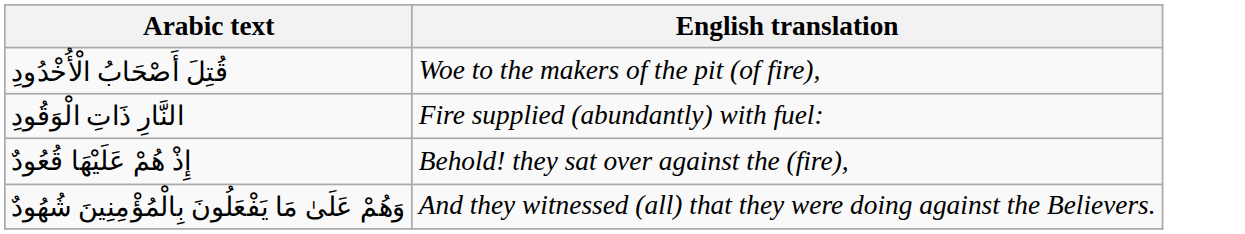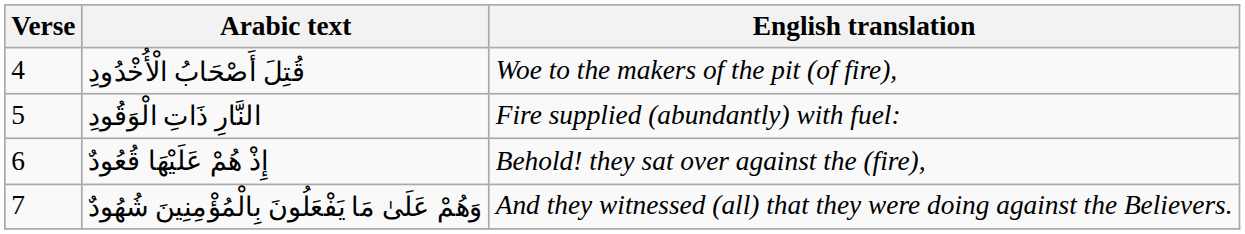 <table class="wikitable">
 <tr>
+<th>Verse</th>
 <th>Arabic text</th>
 <th>English translation</th>
 </tr>
 <tr>
+<td>4</td>
 <td>قُتِلَ أَصْحَابُ الْأُخْدُودِ</td>
 <td><em>Woe to the makers of the pit (of fire),</em></td>
 </tr>
 <tr>
+<td>5</td>
 <td>النَّارِ‌ ذَاتِ الْوَقُودِ</td>
 <td><em>Fire supplied (abundantly) with fuel:</em></td>
 </tr>
 <tr>
+<td>6</td>
 <td>إِذْ هُمْ عَلَيْهَا قُعُودٌ</td>
 <td><em>Behold! they sat over against the (fire),</em></td>
 </tr>
 <tr>
+<td>7</td>
 <td>وَهُمْ عَلَىٰ مَا يَفْعَلُونَ بِالْمُؤْمِنِينَ شُهُودٌ</td>
 <td><em>And they witnessed (all) that they were doing against the Believers.</em></td>
 </tr>
 </table>
